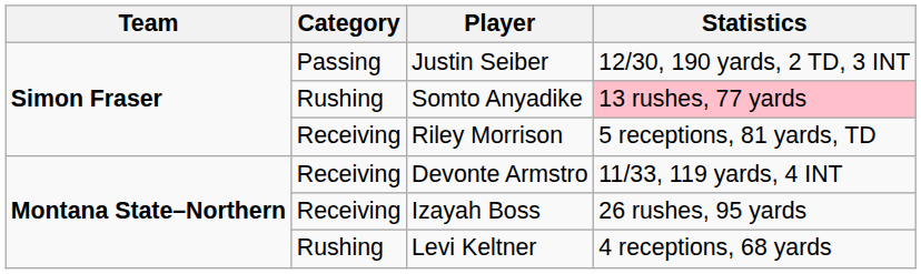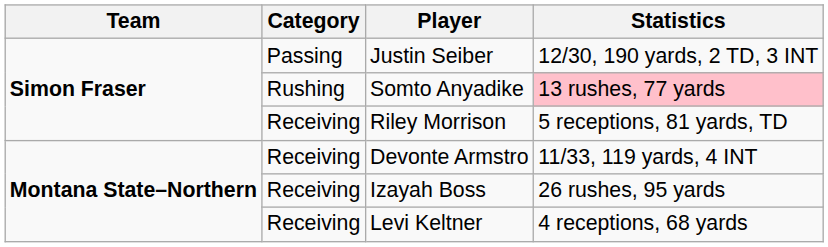 <table class="wikitable" style="float: right;">
 <tr>
 <th>Team</th>
 <th>Category</th>
 <th>Player</th>
 <th>Statistics</th>
 </tr>
 <tr>
 <td rowspan=3><strong>Simon Fraser</strong></td>
 <td>Passing</td>
 <td>Justin Seiber</td>
 <td>12/30, 190 yards, 2 TD, 3 INT</td>
 </tr>
 <tr>
 <td>Rushing</td>
 <td>Somto Anyadike</td>
 <td style="background: pink;">13 rushes, 77 yards</td>
 </tr>
 <tr>
 <td>Receiving</td>
 <td>Riley Morrison</td>
 <td>5 receptions, 81 yards, TD</td>
 </tr>
 <tr>
 <td rowspan=3><strong>Montana State–Northern</strong></td>
 <td>Receiving</td>
 <td>Devonte Armstro</td>
 <td>11/33, 119 yards, 4 INT</td>
 </tr>
 <tr>
 <td>Receiving</td>
 <td>Izayah Boss</td>
 <td>26 rushes, 95 yards</td>
 </tr>
 <tr>
-<td>Rushing</td>
+<td>Receiving</td>
 <td>Levi Keltner</td>
 <td>4 receptions, 68 yards</td>
 </tr>
 </table>
